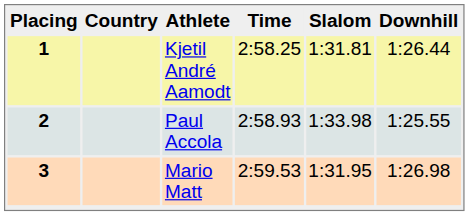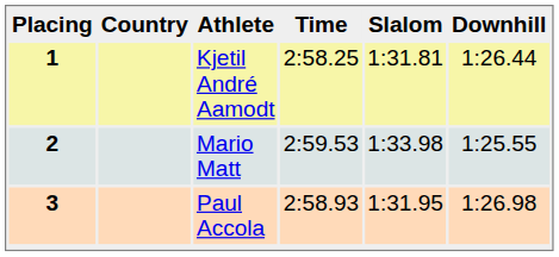 <table style="border-style:solid;border-width:1px;border-color:#808080;background-color:#EFEFEF" cellspacing="2" cellpadding="2" width="380px">
 <tr bgcolor="#EFEFEF">
 <th>Placing</th>
 <th>Country</th>
 <th>Athlete</th>
 <th>Time</th>
 <th>Slalom</th>
 <th>Downhill</th>
 </tr>
 <tr align="center" valign="top" bgcolor="#F7F6A8">
 <th>1</th>
 <td></td>
 <td align="left"><a href='#'>Kjetil André Aamodt</a></td>
 <td align="left">2:58.25</td>
 <td>1:31.81</td>
 <td>1:26.44</td>
 </tr>
 <tr align="center" valign="top" bgcolor="#DCE5E5">
 <th>2</th>
 <td></td>
-<td align="left"><a href='#'>Paul Accola</a></td>
-<td align="left">2:58.93</td>
+<td align="left"><a href='#'>Mario Matt</a></td>
+<td align="left">2:59.53</td>
 <td>1:33.98</td>
 <td>1:25.55</td>
 </tr>
 <tr align="center" valign="top" bgcolor="#FFDAB9">
 <th>3</th>
 <td></td>
-<td align="left"><a href='#'>Mario Matt</a></td>
-<td align="left">2:59.53</td>
+<td align="left"><a href='#'>Paul Accola</a></td>
+<td align="left">2:58.93</td>
 <td>1:31.95</td>
 <td>1:26.98</td>
 </tr>
 <tr align="center" valign="top" bgcolor="#FFFFFF">
 </tr>
 </table>
